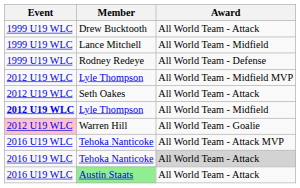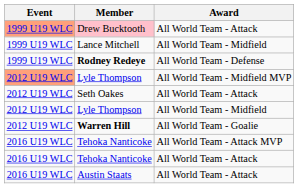 <table class="wikitable" style="text-align: left;">
 <tr>
 <th>Event</th>
 <th>Member</th>
 <th>Award</th>
 </tr>
 <tr>
-<td><a href='#'>1999 U19 WLC</a></td>
-<td>Drew Bucktooth</td>
+<td style="background: lightsalmon;"><a href='#'>1999 U19 WLC</a></td>
+<td style="background: pink;">Drew Bucktooth</td>
 <td>All World Team - Attack</td>
 </tr>
 <tr>
 <td><a href='#'>1999 U19 WLC</a></td>
 <td>Lance Mitchell</td>
 <td>All World Team - Midfield</td>
 </tr>
 <tr>
 <td><a href='#'>1999 U19 WLC</a></td>
-<td>Rodney Redeye</td>
+<td><strong>Rodney Redeye</strong></td>
 <td>All World Team - Defense</td>
 </tr>
 <tr>
-<td><a href='#'>2012 U19 WLC</a></td>
+<td style="background: lightsalmon;"><a href='#'>2012 U19 WLC</a></td>
 <td><a href='#'>Lyle Thompson</a></td>
 <td>All World Team - Midfield MVP</td>
 </tr>
 <tr>
 <td><a href='#'>2012 U19 WLC</a></td>
 <td>Seth Oakes</td>
 <td>All World Team - Attack</td>
 </tr>
 <tr>
-<td><strong><a href='#'>2012 U19 WLC</a></strong></td>
+<td><a href='#'>2012 U19 WLC</a></td>
 <td><a href='#'>Lyle Thompson</a></td>
 <td>All World Team - Midfield</td>
 </tr>
 <tr>
-<td style="background: pink;"><a href='#'>2012 U19 WLC</a></td>
-<td>Warren Hill</td>
+<td><a href='#'>2012 U19 WLC</a></td>
+<td><strong>Warren Hill</strong></td>
 <td>All World Team - Goalie</td>
 </tr>
 <tr>
 <td><a href='#'>2016 U19 WLC</a></td>
 <td><a href='#'>Tehoka Nanticoke</a></td>
 <td>All World Team - Attack MVP</td>
 </tr>
 <tr>
 <td><a href='#'>2016 U19 WLC</a></td>
 <td><a href='#'>Tehoka Nanticoke</a></td>
-<td style="background: lightgrey;">All World Team - Attack</td>
+<td>All World Team - Attack</td>
 </tr>
 <tr>
 <td><a href='#'>2016 U19 WLC</a></td>
-<td style="background: lightgreen;"><a href='#'>Austin Staats</a></td>
+<td><a href='#'>Austin Staats</a></td>
 <td>All World Team - Attack</td>
 </tr>
 </table>
